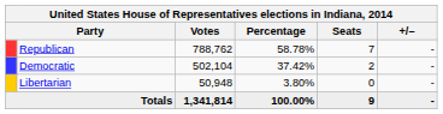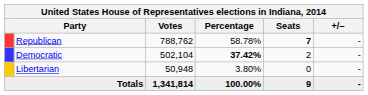 <table class="wikitable" style="font-size: 95%;">
 <tr>
 <th colspan="6">United States House of Representatives elections in Indiana, 2014</th>
 </tr>
 <tr>
 <th colspan=2 style="width: 15em">Party</th>
 <th style="width: 5em">Votes</th>
 <th style="width: 7em">Percentage</th>
 <th style="width: 5em">Seats</th>
 <th style="width: 5em">+/–</th>
 </tr>
 <tr>
 <th style="background:#f33; width:3px;"></th>
 <td style="width: 130px"><a href='#'>Republican</a></td>
 <td style="text-align:right;">788,762</td>
 <td style="text-align:right;">58.78%</td>
-<td style="text-align:right;">7</td>
+<td style="text-align:right;"><strong>7</strong></td>
 <td style="text-align:right;">-</td>
 </tr>
 <tr>
 <th style="background:#33f; width:3px;"></th>
 <td style="width: 130px"><a href='#'>Democratic</a></td>
 <td style="text-align:right;">502,104</td>
-<td style="text-align:right;">37.42%</td>
+<td style="text-align:right;"><strong>37.42%</strong></td>
 <td style="text-align:right;">2</td>
 <td style="text-align:right;">-</td>
 </tr>
 <tr>
 <th style="background:#fc0; width:3px;"></th>
 <td style="width: 130px"><a href='#'>Libertarian</a></td>
 <td style="text-align:right;">50,948</td>
 <td style="text-align:right;">3.80%</td>
 <td style="text-align:right;">0</td>
 <td style="text-align:right;">-</td>
 </tr>
 <tr style="background:#eee; text-align:right;">
 <td colspan="2"><strong>Totals</strong></td>
 <td><strong>1,341,814</strong></td>
 <td><strong>100.00%</strong></td>
 <td><strong>9</strong></td>
 <td><strong>-</strong></td>
 </tr>
 </table>
